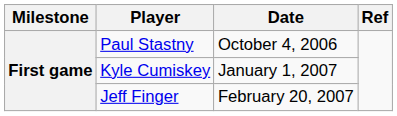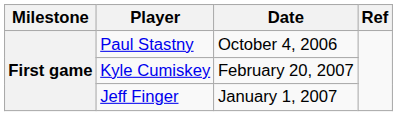 <table class="wikitable">
 <tr>
 <th scope="col">Milestone</th>
 <th scope="col">Player</th>
 <th scope="col">Date</th>
 <th scope="col">Ref</th>
 </tr>
 <tr>
 <th rowspan=3>First game</th>
 <td><a href='#'>Paul Stastny</a></td>
 <td>October 4, 2006</td>
 <td rowspan=3></td>
 </tr>
 <tr>
 <td><a href='#'>Kyle Cumiskey</a></td>
-<td>January 1, 2007</td>
+<td>February 20, 2007</td>
 </tr>
 <tr>
 <td><a href='#'>Jeff Finger</a></td>
-<td>February 20, 2007</td>
+<td>January 1, 2007</td>
 </tr>
 </table>
